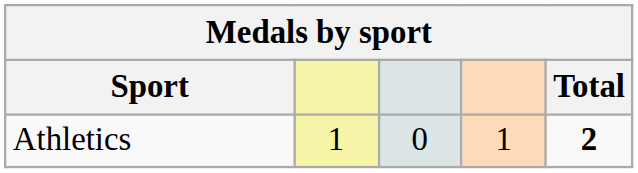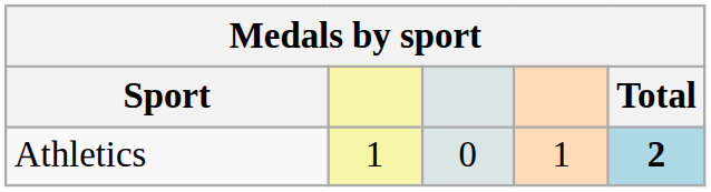 <table class="wikitable" style="font-size:90%; text-align:center;">
 <tr>
 <th colspan="5">Medals by sport</th>
 </tr>
 <tr>
 <th width="120">Sport</th>
 <th scope="col" width="30" style="background:#F7F6A8;"></th>
 <th scope="col" width="30" style="background:#DCE5E5;"></th>
 <th scope="col" width="30" style="background:#FFDAB9;"></th>
 <th width="30">Total</th>
 </tr>
 <tr>
 <td align="left">Athletics</td>
 <td style="background:#F7F6A8;">1</td>
 <td style="background:#DCE5E5;">0</td>
 <td style="background:#FFDAB9;">1</td>
-<td><strong>2</strong></td>
+<td style="background: lightblue;"><strong>2</strong></td>
 </tr>
 </table>
